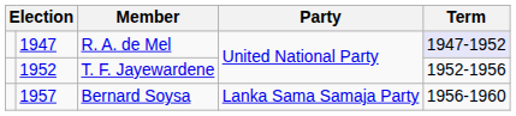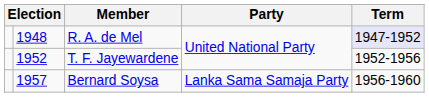 <table class="wikitable">
 <tr>
 <th colspan="2">Election</th>
 <th>Member</th>
 <th>Party</th>
 <th>Term</th>
 </tr>
 <tr>
 <td style="background-color: "></td>
-<td><a href='#'>1947</a></td>
+<td><a href='#'>1948</a></td>
 <td><a href='#'>R. A. de Mel</a></td>
 <td rowspan=2><a href='#'>United National Party</a></td>
 <td style="background: lavender;">1947-1952</td>
 </tr>
 <tr>
 <td style="background-color: "></td>
 <td><a href='#'>1952</a></td>
 <td><a href='#'>T. F. Jayewardene</a></td>
 <td>1952-1956</td>
 </tr>
 <tr>
 <td style="background-color: "></td>
 <td><a href='#'>1957</a></td>
 <td><a href='#'>Bernard Soysa</a></td>
 <td><a href='#'>Lanka Sama Samaja Party</a></td>
 <td>1956-1960</td>
 </tr>
 </table>
